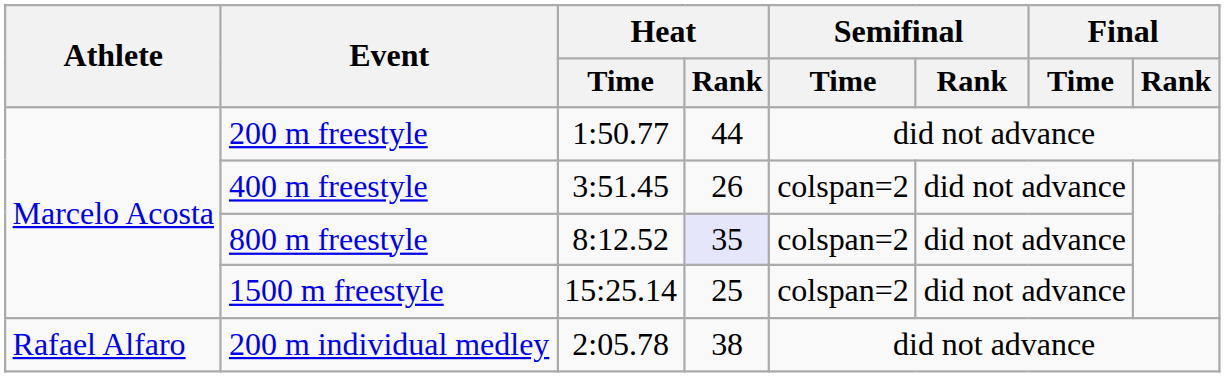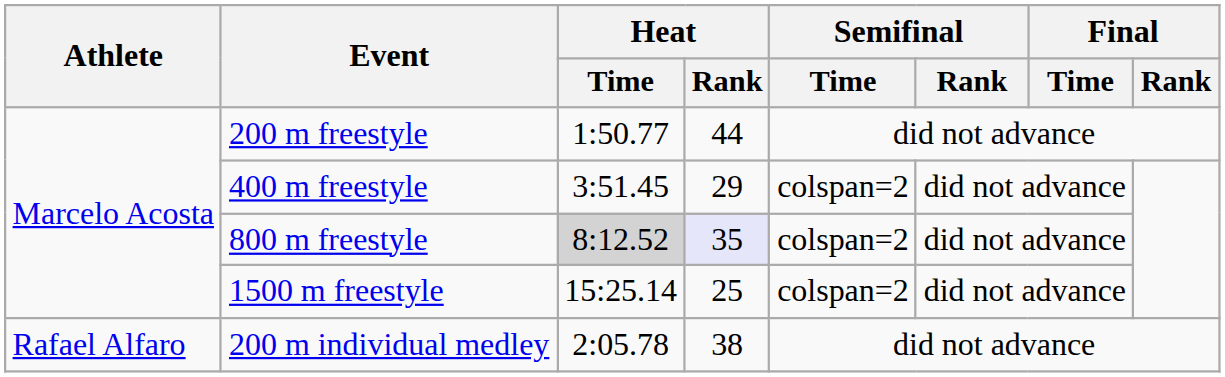 <table class=wikitable style="font-size:90%">
 <tr>
 <th rowspan="2">Athlete</th>
 <th rowspan="2">Event</th>
 <th colspan="2">Heat</th>
 <th colspan="2">Semifinal</th>
 <th colspan="2">Final</th>
 </tr>
 <tr style="font-size:95%">
 <th>Time</th>
 <th>Rank</th>
 <th>Time</th>
 <th>Rank</th>
 <th>Time</th>
 <th>Rank</th>
 </tr>
 <tr align=center>
 <td align=left rowspan=4><a href='#'>Marcelo Acosta</a></td>
 <td align=left><a href='#'>200 m freestyle</a></td>
 <td>1:50.77</td>
 <td>44</td>
 <td colspan=4>did not advance</td>
 </tr>
 <tr align=center>
 <td align=left><a href='#'>400 m freestyle</a></td>
 <td>3:51.45</td>
-<td>26</td>
+<td>29</td>
 <td>colspan=2 </td>
 <td colspan=2>did not advance</td>
 </tr>
 <tr align=center>
 <td align=left><a href='#'>800 m freestyle</a></td>
-<td>8:12.52</td>
+<td style="background: lightgrey;">8:12.52</td>
 <td style="background: lavender;">35</td>
 <td>colspan=2 </td>
 <td colspan=2>did not advance</td>
 </tr>
 <tr align=center>
 <td align=left><a href='#'>1500 m freestyle</a></td>
 <td>15:25.14</td>
 <td>25</td>
 <td>colspan=2 </td>
 <td colspan=2>did not advance</td>
 </tr>
 <tr align=center>
 <td align=left><a href='#'>Rafael Alfaro</a></td>
 <td align=left><a href='#'>200 m individual medley</a></td>
 <td>2:05.78</td>
 <td>38</td>
 <td colspan=4>did not advance</td>
 </tr>
 </table>
